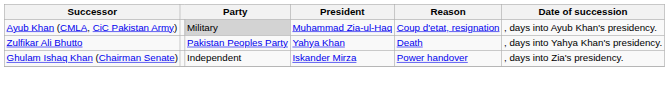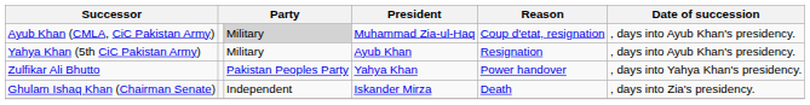 <table class="wikitable sortable">
 <tr>
 <th>Successor</th>
 <th colspan="2">Party</th>
 <th>President</th>
 <th>Reason</th>
 <th>Date of succession</th>
 </tr>
 <tr>
 <td><a href='#'>Ayub Khan</a> (<a href='#'>CMLA</a>, <a href='#'>CiC Pakistan Army</a>)</td>
 <td style="background-color:"></td>
 <td style="background: lightgrey;">Military</td>
 <td><a href='#'>Muhammad Zia-ul-Haq</a></td>
 <td><a href='#'>Coup d'etat, resignation</a></td>
 <td>,  days into Ayub Khan's presidency.</td>
 </tr>
 <tr>
+<td><a href='#'>Yahya Khan</a> (5th <a href='#'>CiC Pakistan Army</a>)</td>
+<td style="background-color:"></td>
+<td>Military</td>
+<td><a href='#'>Ayub Khan</a></td>
+<td><a href='#'>Resignation</a></td>
+<td>,  days into Ayub Khan's presidency.</td>
+</tr>
+<tr>
 <td><a href='#'>Zulfikar Ali Bhutto</a></td>
 <td style="background-color:"></td>
 <td><a href='#'>Pakistan Peoples Party</a></td>
 <td><a href='#'>Yahya Khan</a></td>
-<td><a href='#'>Death</a></td>
+<td><a href='#'>Power handover</a></td>
 <td>,  days into Yahya Khan's presidency.</td>
 </tr>
 <tr>
 <td><a href='#'>Ghulam Ishaq Khan</a> (<a href='#'>Chairman Senate</a>)</td>
 <td style="background-color:"></td>
 <td>Independent</td>
 <td><a href='#'>Iskander Mirza</a></td>
-<td><a href='#'>Power handover</a></td>
+<td><a href='#'>Death</a></td>
 <td>,  days into Zia's presidency.</td>
 </tr>
 <tr>
 </tr>
 </table>
